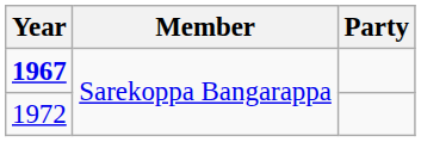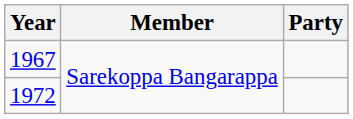 <table class="wikitable sortable">
 <tr>
 <th>Year</th>
 <th>Member</th>
 <th colspan="2">Party</th>
 </tr>
 <tr>
-<td><strong><a href='#'>1967</a></strong></td>
+<td><a href='#'>1967</a></td>
 <td rowspan=2><a href='#'>Sarekoppa Bangarappa</a></td>
 <td></td>
 </tr>
 <tr>
 <td><a href='#'>1972</a></td>
 <td></td>
 </tr>
 </table>
